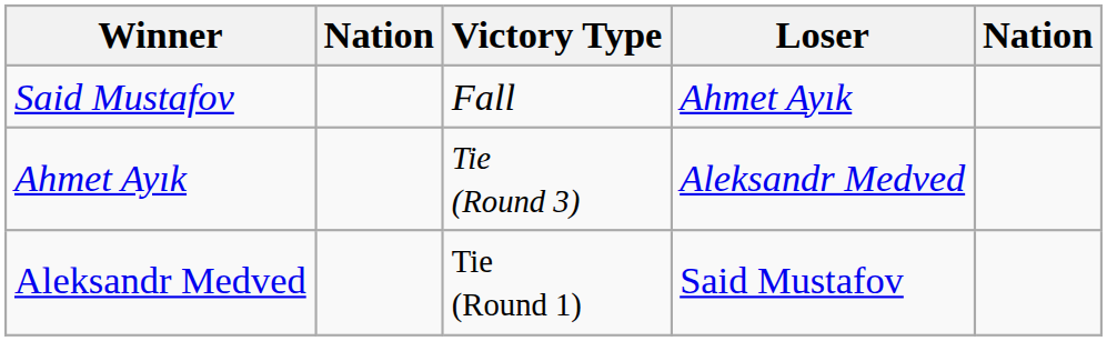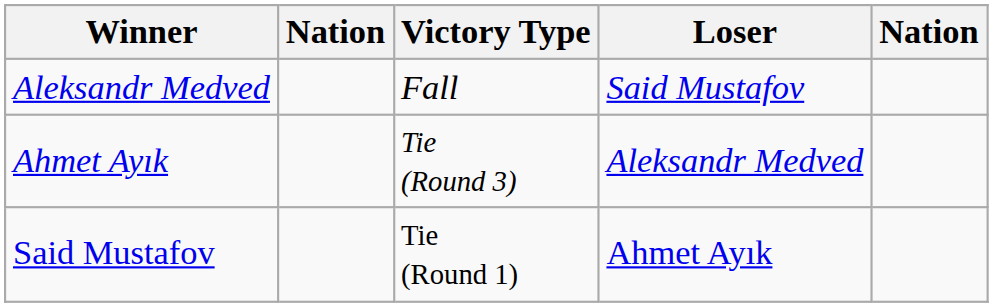 <table class="wikitable sortable" style="text-align:left;">
 <tr>
 <th>Winner</th>
 <th>Nation</th>
 <th>Victory Type</th>
 <th>Loser</th>
 <th>Nation</th>
 </tr>
 <tr style="font-style: italic">
-<td><a href='#'>Said Mustafov</a></td>
+<td><a href='#'>Aleksandr Medved</a></td>
 <td></td>
 <td>Fall</td>
-<td><a href='#'>Ahmet Ayık</a></td>
+<td><a href='#'>Said Mustafov</a></td>
 <td></td>
 </tr>
 <tr style="font-style: italic">
 <td><a href='#'>Ahmet Ayık</a></td>
 <td></td>
 <td><small>Tie<br>(Round 3)</small></td>
 <td><a href='#'>Aleksandr Medved</a></td>
 <td></td>
 </tr>
 <tr>
-<td><a href='#'>Aleksandr Medved</a></td>
+<td><a href='#'>Said Mustafov</a></td>
 <td></td>
 <td><small>Tie<br>(Round 1)</small></td>
-<td><a href='#'>Said Mustafov</a></td>
+<td><a href='#'>Ahmet Ayık</a></td>
 <td></td>
 </tr>
 </table>
